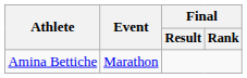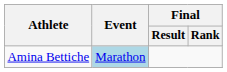 <table class="wikitable" style="font-size:90%">
 <tr>
 <th rowspan="2">Athlete</th>
 <th rowspan="2">Event</th>
 <th colspan="2">Final</th>
 </tr>
 <tr style="font-size:95%">
 <th>Result</th>
 <th>Rank</th>
 </tr>
 <tr align=center>
 <td align=left><a href='#'>Amina Bettiche</a></td>
-<td align=left><a href='#'>Marathon</a></td>
+<td align=left style="background: lightblue;"><a href='#'>Marathon</a></td>
 <td colspan=2></td>
 </tr>
 </table>
